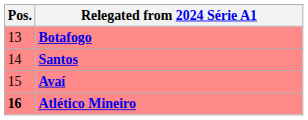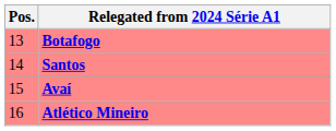 <table class="wikitable">
 <tr>
 <th style="text-align:center;">Pos.</th>
 <th width=300>Relegated from <a href='#'>2024 Série A1</a></th>
 </tr>
 <tr style="background: #FF8888;">
 <td>13</td>
 <td><strong><a href='#'>Botafogo</a></strong></td>
 </tr>
 <tr style="background: #FF8888;">
 <td>14</td>
 <td><strong><a href='#'>Santos</a></strong></td>
 </tr>
 <tr style="background: #FF8888;">
 <td>15</td>
 <td><strong><a href='#'>Avaí</a></strong></td>
 </tr>
 <tr style="background: #FF8888;">
-<td><strong>16</strong></td>
+<td>16</td>
 <td><strong><a href='#'>Atlético Mineiro</a></strong></td>
 </tr>
 </table>
